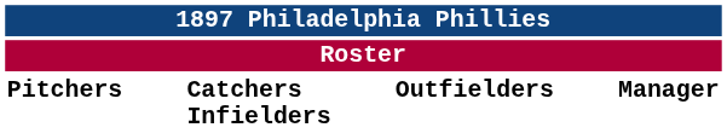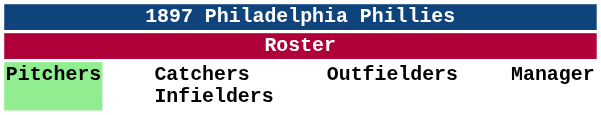 <table class="toccolours" style="font-size: 95%;">
 <tr>
 <th colspan="10" style="background-color: #0f437c; color: white; text-align: center;">1897 Philadelphia Phillies</th>
 </tr>
 <tr>
 <td colspan="10" style="background-color: #af0039; color: white; text-align: center;"><strong>Roster</strong></td>
 </tr>
 <tr>
-<td valign="top"><strong>Pitchers</strong><br>         </td>
+<td valign="top" style="background: lightgreen;"><strong>Pitchers</strong><br>         </td>
 <td width="25px"></td>
 <td valign="top"><strong>Catchers</strong><br>    <strong>Infielders</strong>        </td>
 <td width="25px"></td>
 <td valign="top"><strong>Outfielders</strong><br>     </td>
 <td width="25px"></td>
 <td valign="top"><strong>Manager</strong><br></td>
 </tr>
 </table>
